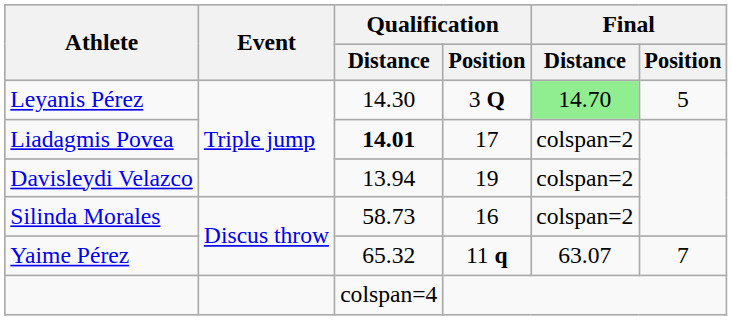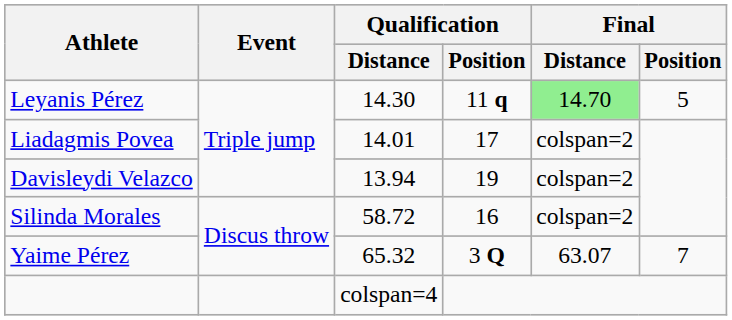 <table class="wikitable" style="font-size:90%">
 <tr>
 <th rowspan="2">Athlete</th>
 <th rowspan="2">Event</th>
 <th colspan="2">Qualification</th>
 <th colspan="2">Final</th>
 </tr>
 <tr style="font-size:95%">
 <th>Distance</th>
 <th>Position</th>
 <th>Distance</th>
 <th>Position</th>
 </tr>
 <tr align=center>
 <td align=left><a href='#'>Leyanis Pérez</a></td>
 <td align=left rowspan=3><a href='#'>Triple jump</a></td>
 <td>14.30</td>
-<td>3 <strong>Q</strong></td>
+<td>11 <strong>q</strong></td>
 <td style="background: lightgreen;">14.70</td>
 <td>5</td>
 </tr>
 <tr align=center>
 <td align=left><a href='#'>Liadagmis Povea</a></td>
-<td><strong>14.01</strong></td>
+<td>14.01</td>
 <td>17</td>
 <td>colspan=2 </td>
 </tr>
 <tr align=center>
 <td align=left><a href='#'>Davisleydi Velazco</a></td>
 <td>13.94</td>
 <td>19</td>
 <td>colspan=2 </td>
 </tr>
 <tr align=center>
 <td align=left><a href='#'>Silinda Morales</a></td>
 <td align=left rowspan=2><a href='#'>Discus throw</a></td>
-<td>58.73</td>
+<td>58.72</td>
 <td>16</td>
 <td>colspan=2 </td>
 </tr>
 <tr align=center>
 <td align=left><a href='#'>Yaime Pérez</a></td>
 <td>65.32 </td>
-<td>11 <strong>q</strong></td>
+<td>3 <strong>Q</strong></td>
 <td>63.07</td>
 <td>7</td>
 </tr>
 <tr align=center>
 <td></td>
 <td></td>
 <td>colspan=4 </td>
 </tr>
 </table>
